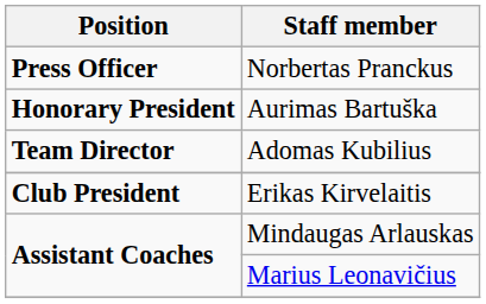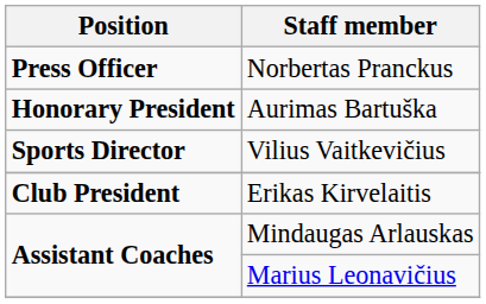 <table class="wikitable">
 <tr>
 <th>Position</th>
 <th>Staff member</th>
 </tr>
 <tr>
 <td><strong>Press Officer</strong></td>
 <td> Norbertas Pranckus</td>
 </tr>
 <tr>
 <td><strong>Honorary President</strong></td>
 <td> Aurimas Bartuška</td>
 </tr>
 <tr>
-<td><strong>Team Director</strong></td>
-<td> Adomas Kubilius</td>
+<td><strong>Sports Director</strong></td>
+<td> Vilius Vaitkevičius</td>
 </tr>
 <tr>
 </tr>
 <tr>
 <td><strong>Club President</strong></td>
 <td> Erikas Kirvelaitis</td>
 </tr>
 <tr>
 <td rowspan=2><strong>Assistant Coaches</strong></td>
 <td> Mindaugas Arlauskas</td>
 </tr>
 <tr>
 <td> <a href='#'>Marius Leonavičius</a></td>
 </tr>
 <tr>
 </tr>
 </table>
